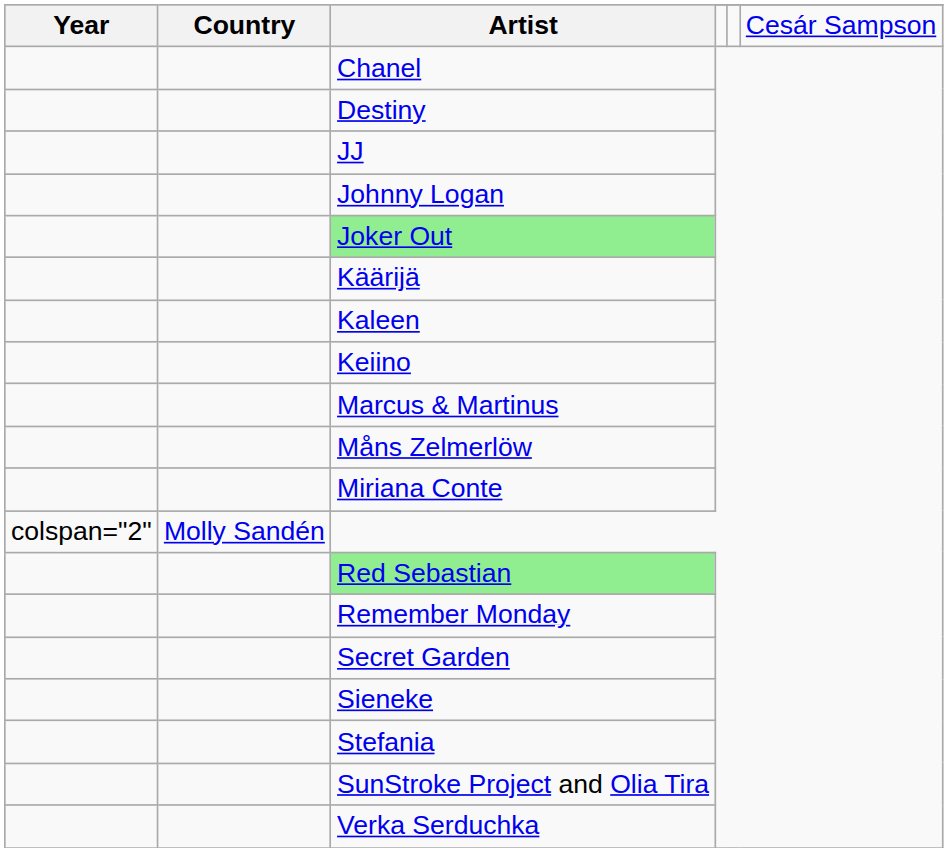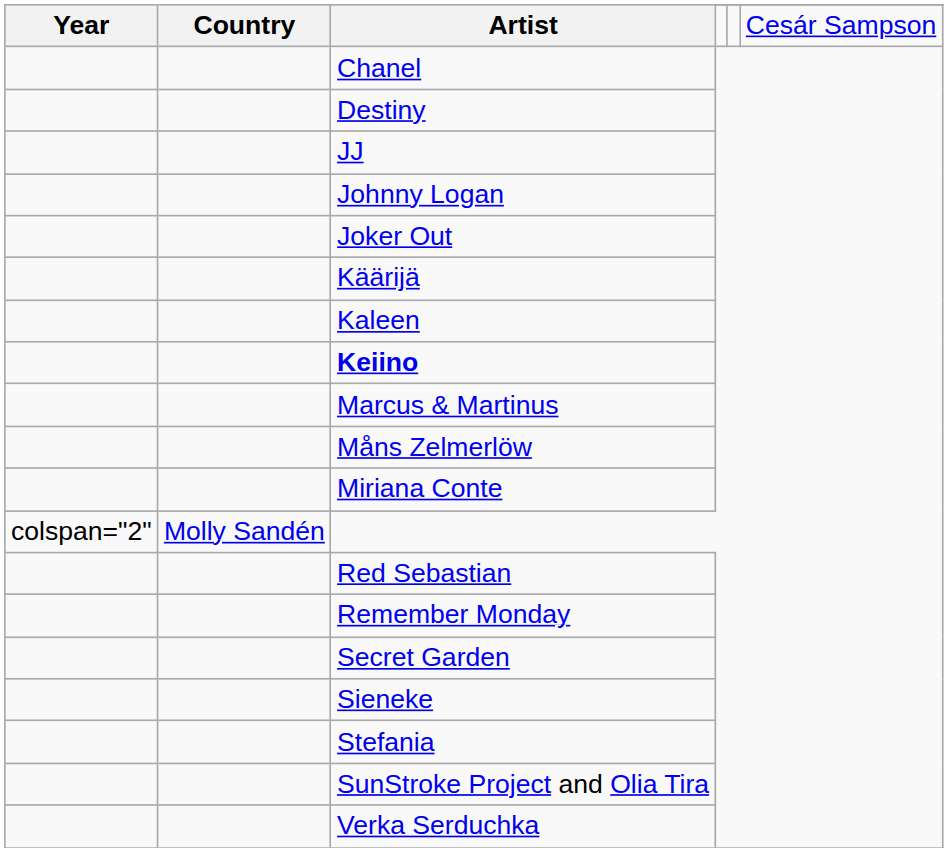 <table class="wikitable sortable">
 <tr>
 <th rowspan="2">Year</th>
 <th rowspan="2">Country</th>
 <th rowspan="2">Artist</th>
 </tr>
 <tr>
 <td></td>
 <td></td>
 <td><a href='#'>Cesár Sampson</a></td>
 </tr>
 <tr>
 <td></td>
 <td></td>
 <td><a href='#'>Chanel</a></td>
 </tr>
 <tr>
 <td></td>
 <td></td>
 <td><a href='#'>Destiny</a></td>
 </tr>
 <tr>
 <td></td>
 <td></td>
 <td><a href='#'>JJ</a></td>
 </tr>
 <tr>
 <td><br></td>
 <td></td>
 <td><a href='#'>Johnny Logan</a></td>
 </tr>
 <tr>
 <td></td>
 <td></td>
-<td style="background: lightgreen;"><a href='#'>Joker Out</a></td>
+<td><a href='#'>Joker Out</a></td>
 </tr>
 <tr>
 <td></td>
 <td></td>
 <td><a href='#'>Käärijä</a></td>
 </tr>
 <tr>
 <td></td>
 <td></td>
 <td><a href='#'>Kaleen</a></td>
 </tr>
 <tr>
 <td></td>
 <td></td>
-<td><a href='#'>Keiino</a></td>
+<td><strong><a href='#'>Keiino</a></strong></td>
 </tr>
 <tr>
 <td></td>
 <td></td>
 <td><a href='#'>Marcus & Martinus</a></td>
 </tr>
 <tr>
 <td></td>
 <td></td>
 <td><a href='#'>Måns Zelmerlöw</a></td>
 </tr>
 <tr>
 <td></td>
 <td></td>
 <td><a href='#'>Miriana Conte</a></td>
 </tr>
 <tr>
 <td>colspan="2" </td>
 <td><a href='#'>Molly Sandén</a></td>
 </tr>
 <tr>
 <td></td>
 <td></td>
-<td style="background: lightgreen;"><a href='#'>Red Sebastian</a></td>
+<td><a href='#'>Red Sebastian</a></td>
 </tr>
 <tr>
 <td></td>
 <td></td>
 <td><a href='#'>Remember Monday</a></td>
 </tr>
 <tr>
 <td></td>
 <td></td>
 <td><a href='#'>Secret Garden</a></td>
 </tr>
 <tr>
 <td></td>
 <td></td>
 <td><a href='#'>Sieneke</a></td>
 </tr>
 <tr>
 <td></td>
 <td></td>
 <td><a href='#'>Stefania</a></td>
 </tr>
 <tr>
 <td></td>
 <td></td>
 <td><a href='#'>SunStroke Project</a> and <a href='#'>Olia Tira</a></td>
 </tr>
 <tr>
 <td></td>
 <td></td>
 <td><a href='#'>Verka Serduchka</a></td>
 </tr>
 </table>
